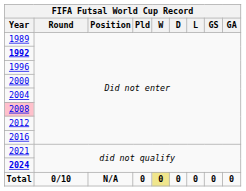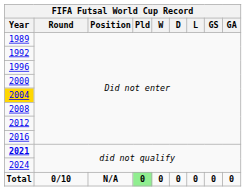 <table class="wikitable" width=50% style="text-align: center;font-size:85%;">
 <tr>
 <th colspan=9>FIFA Futsal World Cup Record</th>
 </tr>
 <tr>
 <th width=12%>Year</th>
 <th width=25%>Round</th>
 <th width=6%>Position</th>
 <th width=8%>Pld</th>
 <th width=8%>W</th>
 <th width=8%>D</th>
 <th width=8%>L</th>
 <th width=8%>GS</th>
 <th width=8%>GA</th>
 </tr>
 <tr>
 <td> <a href='#'>1989</a></td>
 <td rowspan=8; colspan=8><em>Did not enter</em></td>
 </tr>
 <tr>
-<td><strong> <a href='#'>1992</a></strong></td>
+<td> <a href='#'>1992</a></td>
 </tr>
 <tr>
 <td> <a href='#'>1996</a></td>
 </tr>
 <tr>
 <td> <a href='#'>2000</a></td>
 </tr>
 <tr>
-<td> <a href='#'>2004</a></td>
+<td style="background: gold;"> <a href='#'>2004</a></td>
 </tr>
 <tr>
-<td style="background: pink;"> <a href='#'>2008</a></td>
+<td> <a href='#'>2008</a></td>
 </tr>
 <tr>
 <td> <a href='#'>2012</a></td>
 </tr>
 <tr>
 <td> <a href='#'>2016</a></td>
 </tr>
 <tr>
-<td> <a href='#'>2021</a></td>
+<td><strong> <a href='#'>2021</a></strong></td>
 <td rowspan=2; colspan=8><em>did not qualify</em></td>
 </tr>
 <tr>
-<td><strong> <a href='#'>2024</a></strong></td>
+<td> <a href='#'>2024</a></td>
 </tr>
 <tr>
 <td><strong>Total</strong></td>
 <td><strong>0/10</strong></td>
 <td><strong>N/A</strong></td>
+<td style="background: lightgreen;"><strong>0</strong></td>
 <td><strong>0</strong></td>
-<td style="background: khaki;"><strong>0</strong></td>
 <td><strong>0</strong></td>
 <td><strong>0</strong></td>
 <td><strong>0</strong></td>
 <td><strong>0</strong></td>
 </tr>
 </table>
